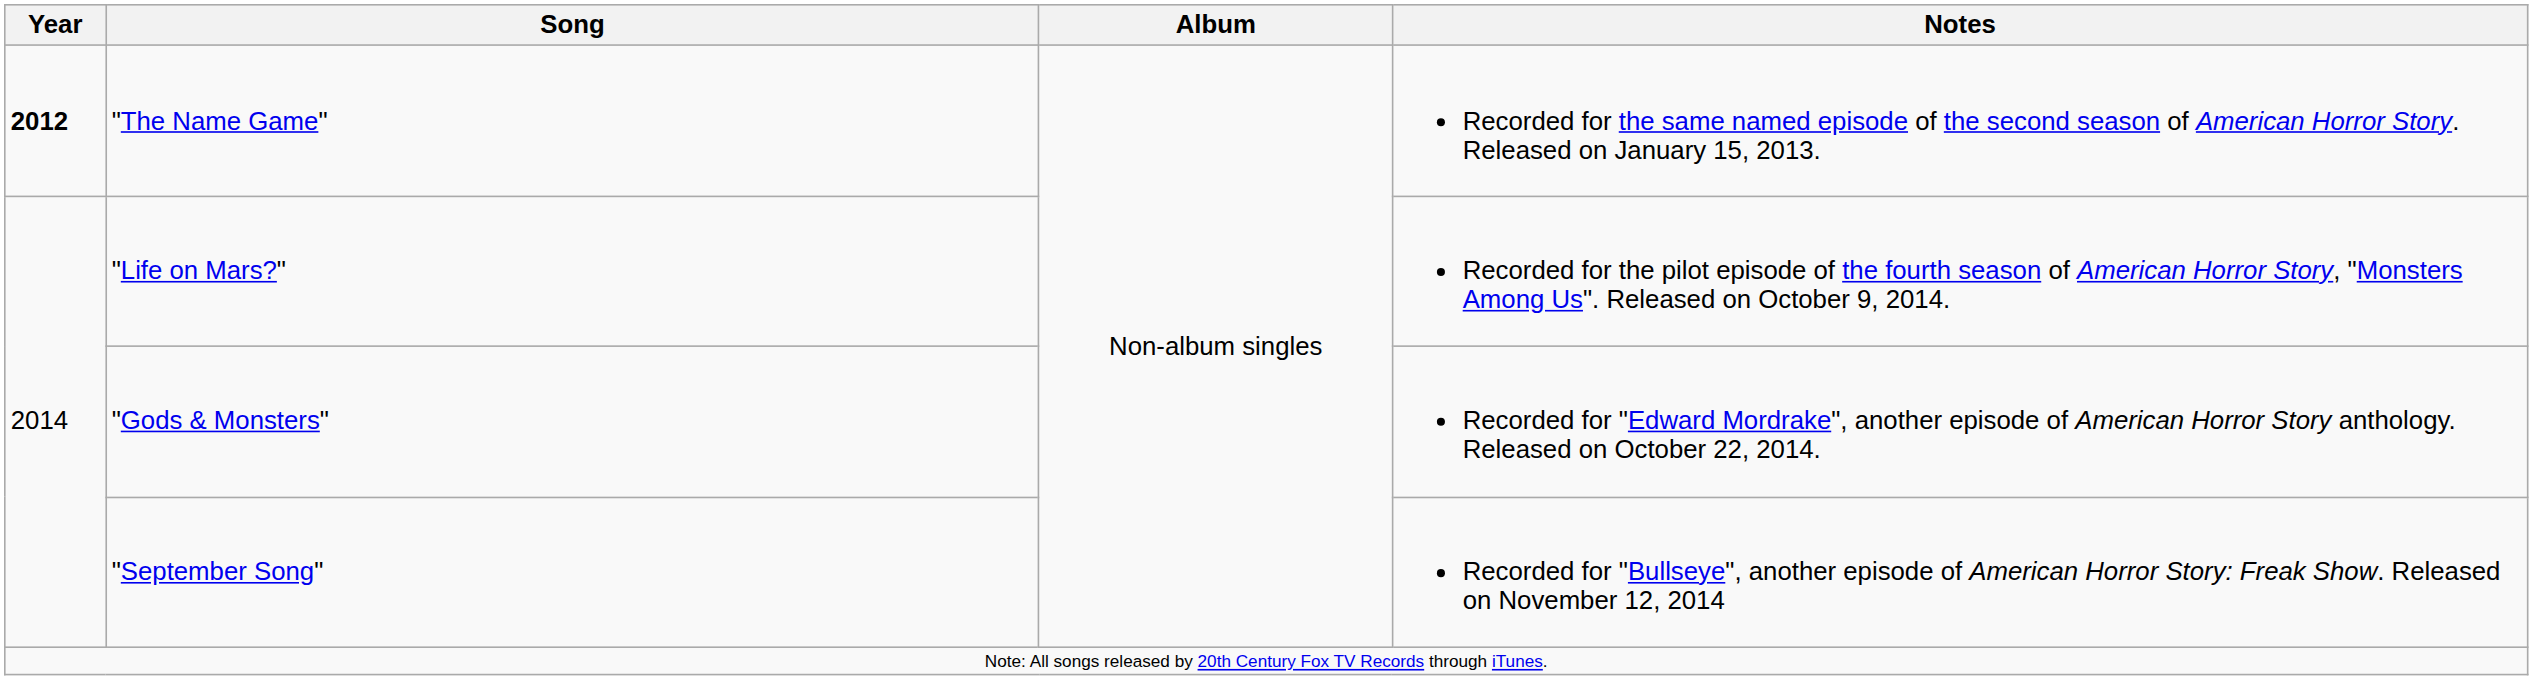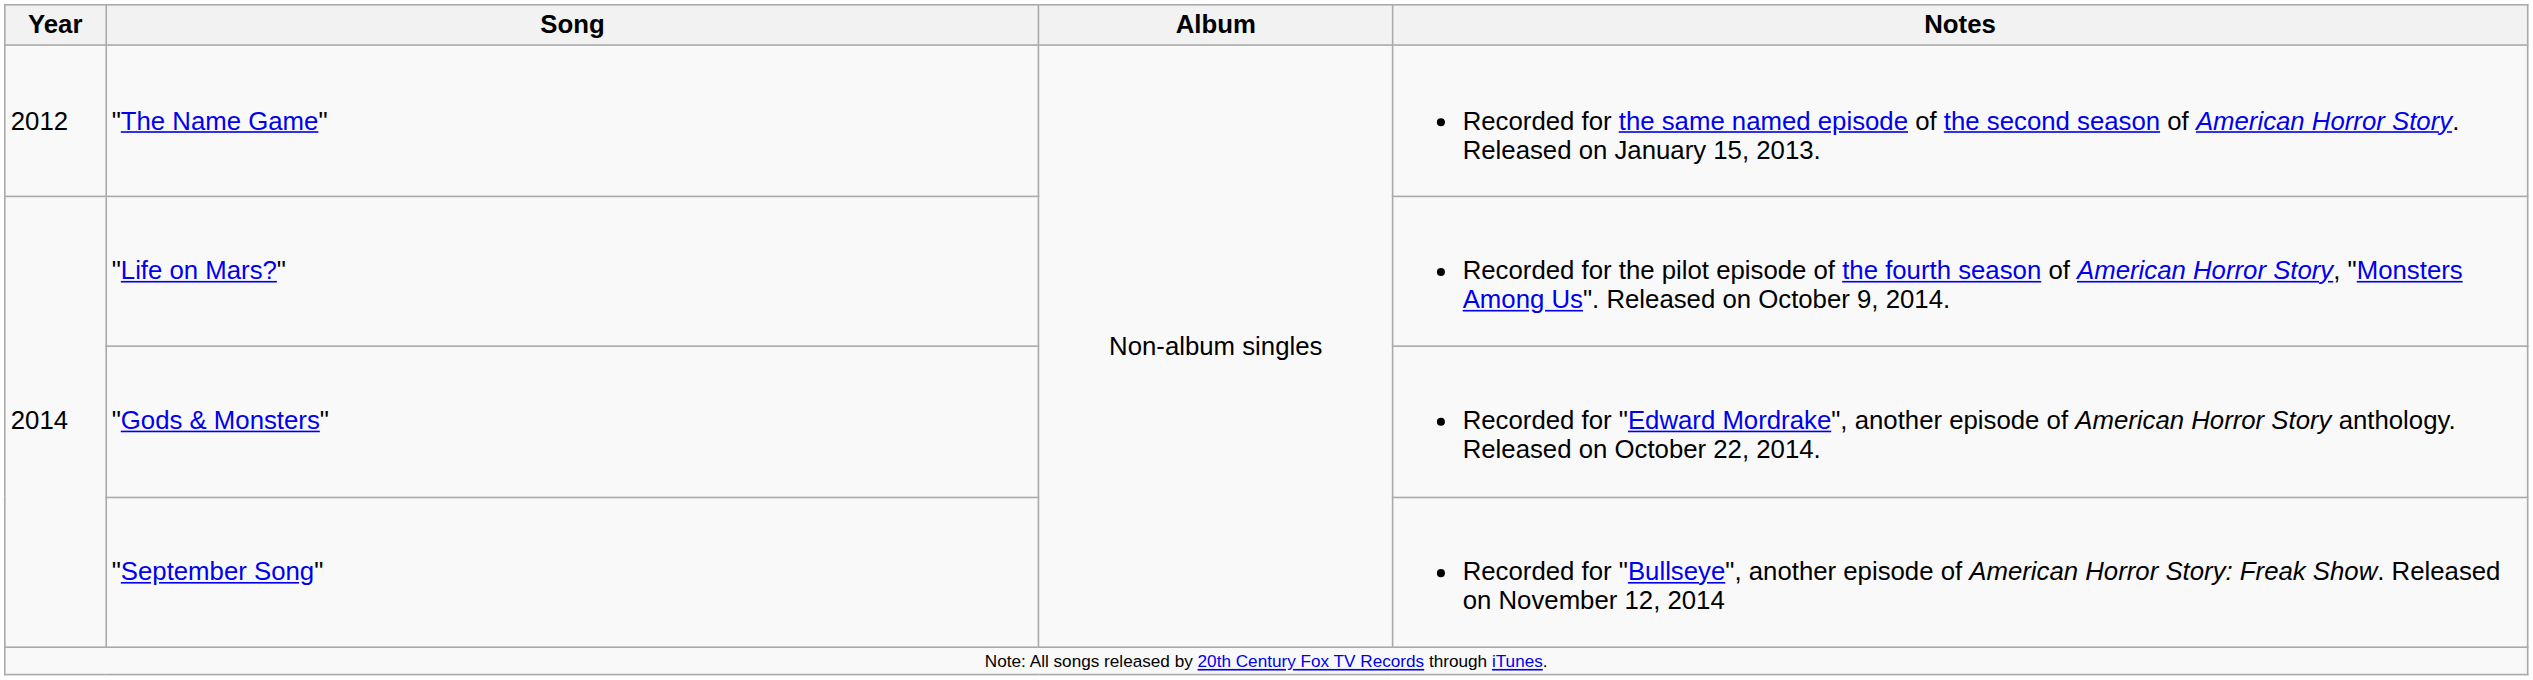 <table class="wikitable" style="text-align:left;">
 <tr>
 <th width=4%>Year</th>
 <th width=37%>Song</th>
 <th width=14%>Album</th>
 <th width=45%%>Notes</th>
 </tr>
 <tr>
-<td><strong>2012</strong></td>
+<td>2012</td>
 <td>"<a href='#'>The Name Game</a>" </td>
 <td rowspan=4 align=center>Non-album singles</td>
 <td><br><ul><li>Recorded for <a href='#'>the same named episode</a> of <a href='#'>the second season</a> of <em><a href='#'>American Horror Story</a></em>. Released on January 15, 2013.</li></ul></td>
 </tr>
 <tr>
 <td rowspan=3>2014</td>
 <td>"<a href='#'>Life on Mars?</a>" </td>
 <td><br><ul><li>Recorded for the pilot episode of <a href='#'>the fourth season</a> of <em><a href='#'>American Horror Story</a></em>, "<a href='#'>Monsters Among Us</a>". Released on October 9, 2014.</li></ul></td>
 </tr>
 <tr>
 <td>"<a href='#'>Gods & Monsters</a>" </td>
 <td><br><ul><li>Recorded for "<a href='#'>Edward Mordrake</a>", another episode of <em>American Horror Story</em> anthology. Released on October 22, 2014.</li></ul></td>
 </tr>
 <tr>
 <td>"<a href='#'>September Song</a>" </td>
 <td><br><ul><li>Recorded for "<a href='#'>Bullseye</a>", another episode of <em>American Horror Story: Freak Show</em>. Released on November 12, 2014</li></ul></td>
 </tr>
 <tr>
 <td colspan=4 width=100% style="font-size:8pt" align="center">Note: All songs released by <a href='#'>20th Century Fox TV Records</a> through <a href='#'>iTunes</a>.</td>
 </tr>
 </table>
